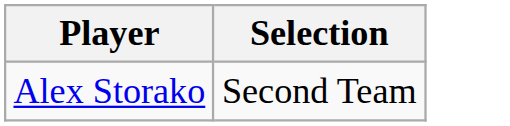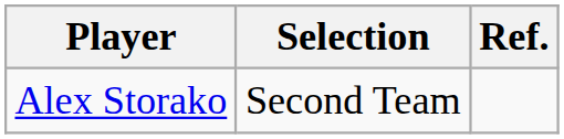 <table class="wikitable sortable sortable" style="text-align: center">
 <tr align=center>
 <th>Player</th>
 <th>Selection</th>
+<th>Ref.</th>
 </tr>
 <tr>
 <td><a href='#'>Alex Storako</a></td>
 <td>Second Team</td>
+<td></td>
 </tr>
 </table>
